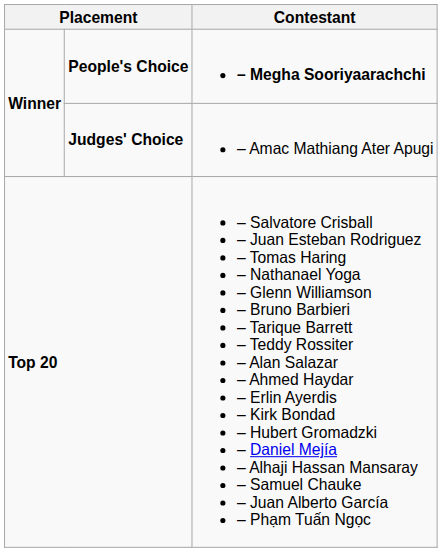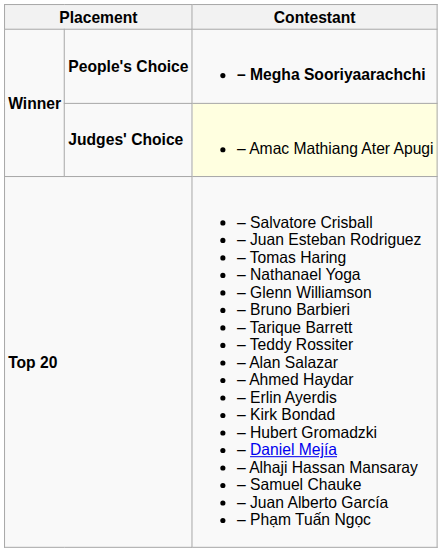 <table class="wikitable sortable" style="font-size:95%;">
 <tr>
 <th colspan="2">Placement</th>
 <th>Contestant</th>
 </tr>
 <tr>
 <td rowspan="2"><strong>Winner</strong></td>
 <td><strong>People's Choice</strong></td>
 <td><strong><br><ul><li> – Megha Sooriyaarachchi</li></ul></strong></td>
 </tr>
 <tr>
 <td><strong>Judges' Choice</strong></td>
-<td><br><ul><li> – Amac Mathiang Ater Apugi</li></ul></td>
+<td style="background: lightyellow;"><br><ul><li> – Amac Mathiang Ater Apugi</li></ul></td>
 </tr>
 <tr>
 <td colspan="2"><strong>Top 20</strong></td>
 <td><br><ul><li> – Salvatore Crisball</li><li> – Juan Esteban Rodriguez</li><li> – Tomas Haring</li><li> – Nathanael Yoga</li><li> – Glenn Williamson</li><li> – Bruno Barbieri</li><li> – Tarique Barrett</li><li> – Teddy Rossiter</li><li> – Alan Salazar</li><li> – Ahmed Haydar</li><li> – Erlin Ayerdis</li><li> – Kirk Bondad</li><li> – Hubert Gromadzki</li><li> – <a href='#'>Daniel Mejía</a></li><li> – Alhaji Hassan Mansaray</li><li> – Samuel Chauke</li><li> – Juan Alberto García</li><li> – Phạm Tuấn Ngọc</li></ul></td>
 </tr>
 </table>
